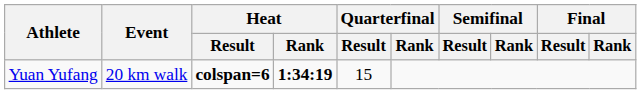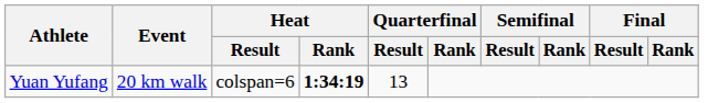 <table class="wikitable" style="font-size:90%">
 <tr>
 <th rowspan="2">Athlete</th>
 <th rowspan="2">Event</th>
 <th colspan="2">Heat</th>
 <th colspan="2">Quarterfinal</th>
 <th colspan="2">Semifinal</th>
 <th colspan="2">Final</th>
 </tr>
 <tr style="font-size:95%">
 <th>Result</th>
 <th>Rank</th>
 <th>Result</th>
 <th>Rank</th>
 <th>Result</th>
 <th>Rank</th>
 <th>Result</th>
 <th>Rank</th>
 </tr>
 <tr align=center>
 <td align=left><a href='#'>Yuan Yufang</a></td>
 <td align=left><a href='#'>20 km walk</a></td>
-<td><strong>colspan=6 </strong></td>
+<td>colspan=6 </td>
 <td><strong>1:34:19</strong></td>
-<td>15</td>
+<td>13</td>
 </tr>
 </table>
